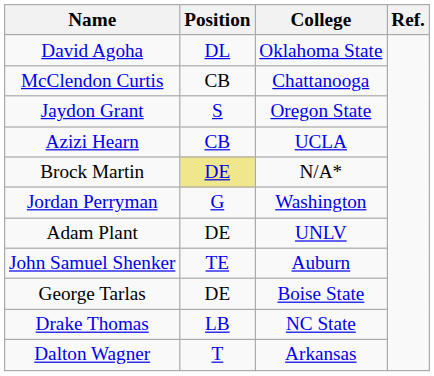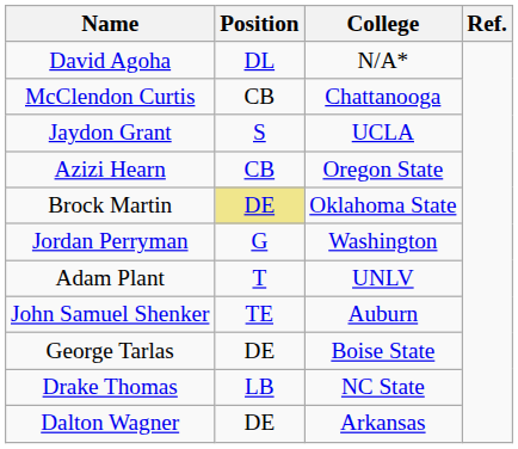 <table class="wikitable" style="text-align:center">
 <tr>
 <th>Name</th>
 <th>Position</th>
 <th>College</th>
 <th>Ref.</th>
 </tr>
 <tr>
 <td><a href='#'>David Agoha</a></td>
 <td><a href='#'>DL</a></td>
-<td><a href='#'>Oklahoma State</a></td>
+<td>N/A*</td>
 <td rowspan="11"></td>
 </tr>
 <tr>
 <td><a href='#'>McClendon Curtis</a></td>
 <td>CB</td>
 <td><a href='#'>Chattanooga</a></td>
 </tr>
 <tr>
 <td><a href='#'>Jaydon Grant</a></td>
 <td><a href='#'>S</a></td>
-<td><a href='#'>Oregon State</a></td>
+<td><a href='#'>UCLA</a></td>
 </tr>
 <tr>
 <td><a href='#'>Azizi Hearn</a></td>
 <td><a href='#'>CB</a></td>
-<td><a href='#'>UCLA</a></td>
+<td><a href='#'>Oregon State</a></td>
 </tr>
 <tr>
 <td>Brock Martin</td>
 <td style="background: khaki;"><a href='#'>DE</a></td>
-<td>N/A*</td>
+<td><a href='#'>Oklahoma State</a></td>
 </tr>
 <tr>
 <td><a href='#'>Jordan Perryman</a></td>
 <td><a href='#'>G</a></td>
 <td><a href='#'>Washington</a></td>
 </tr>
 <tr>
 <td>Adam Plant</td>
-<td>DE</td>
+<td><a href='#'>T</a></td>
 <td><a href='#'>UNLV</a></td>
 </tr>
 <tr>
 <td><a href='#'>John Samuel Shenker</a></td>
 <td><a href='#'>TE</a></td>
 <td><a href='#'>Auburn</a></td>
 </tr>
 <tr>
 <td>George Tarlas</td>
 <td>DE</td>
 <td><a href='#'>Boise State</a></td>
 </tr>
 <tr>
 <td><a href='#'>Drake Thomas</a></td>
 <td><a href='#'>LB</a></td>
 <td><a href='#'>NC State</a></td>
 </tr>
 <tr>
 <td><a href='#'>Dalton Wagner</a></td>
-<td><a href='#'>T</a></td>
+<td>DE</td>
 <td><a href='#'>Arkansas</a></td>
 </tr>
 </table>
